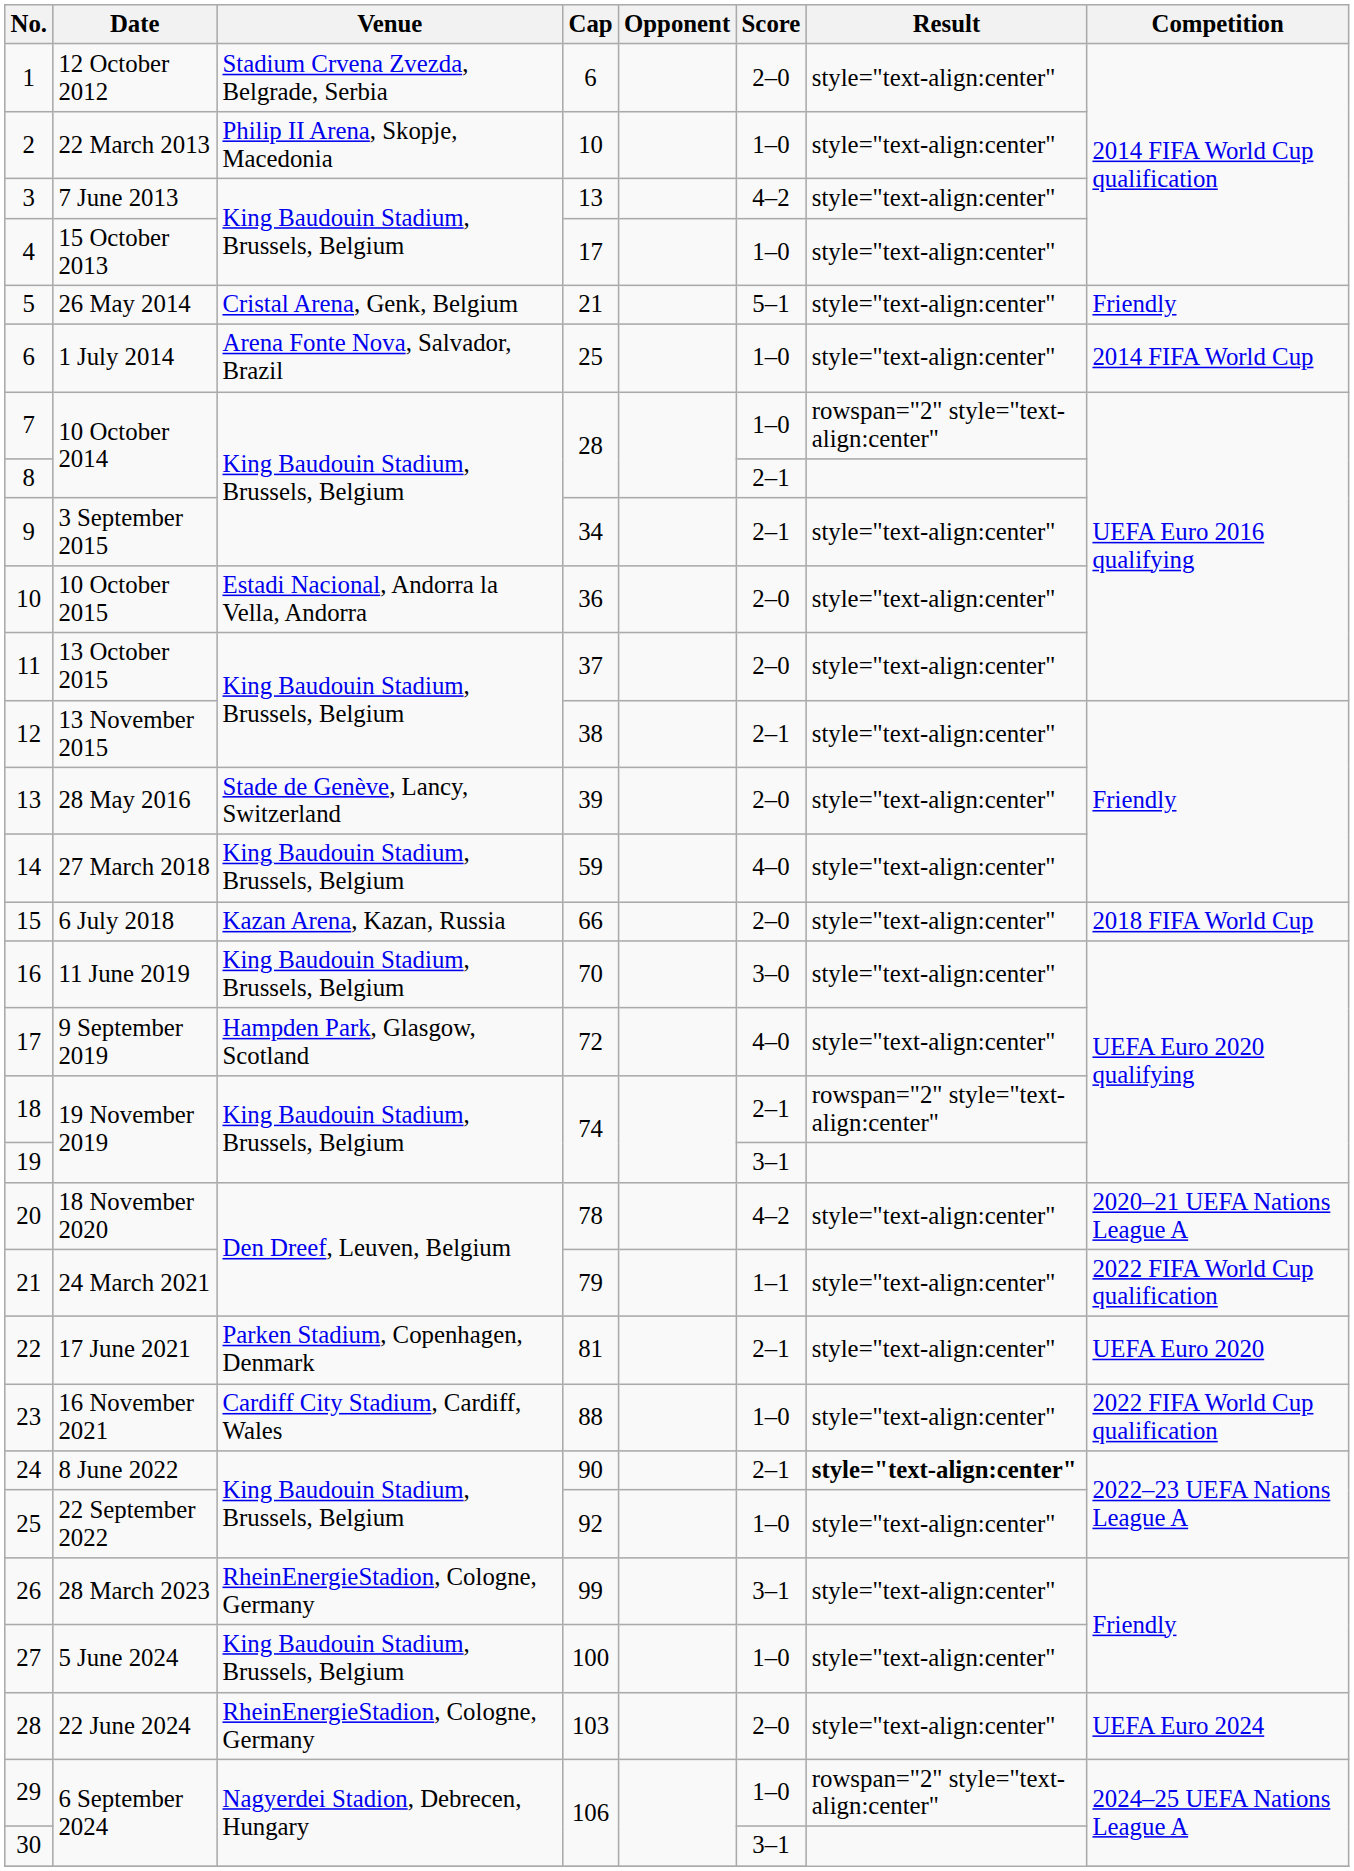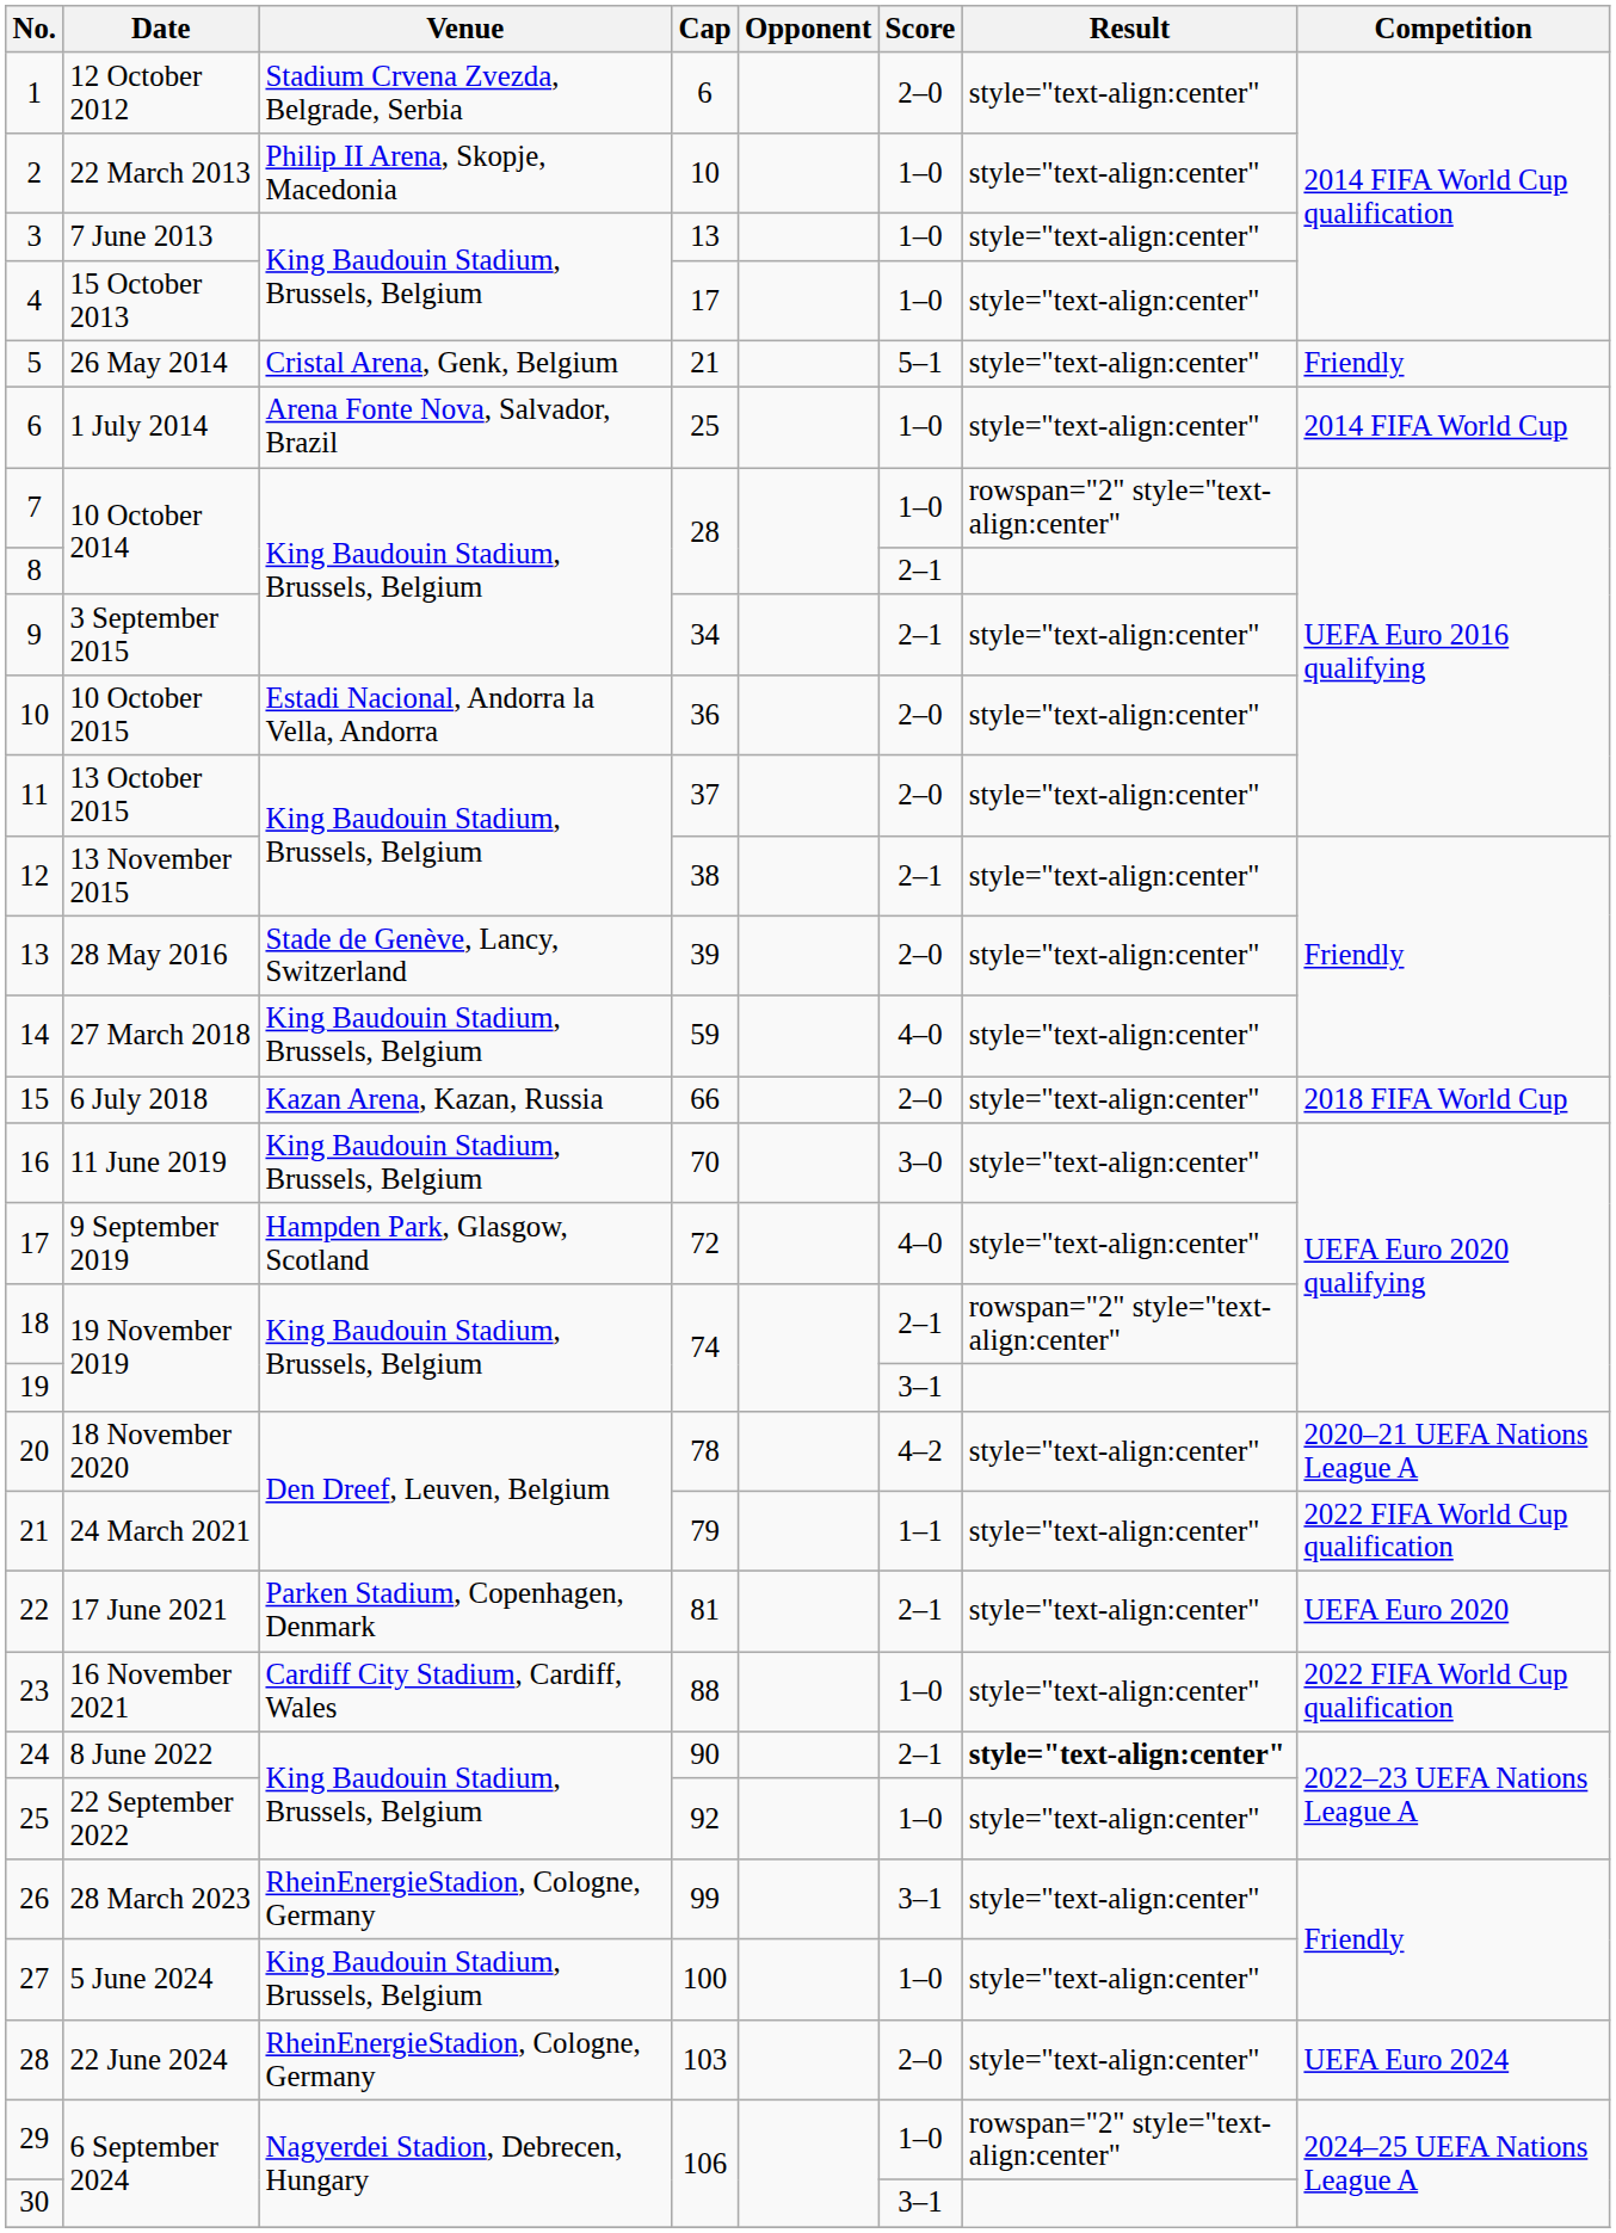 <table class="wikitable sortable">
 <tr>
 <th scope=col>No.</th>
 <th scope=col>Date</th>
 <th scope=col>Venue</th>
 <th scope=col>Cap</th>
 <th scope=col>Opponent</th>
 <th scope=col>Score</th>
 <th scope=col>Result</th>
 <th scope=col>Competition</th>
 </tr>
 <tr>
 <td align=center>1</td>
 <td>12 October 2012</td>
 <td><a href='#'>Stadium Crvena Zvezda</a>, Belgrade, Serbia</td>
 <td align=center>6</td>
 <td></td>
 <td align=center>2–0</td>
 <td>style="text-align:center" </td>
 <td rowspan=4><a href='#'>2014 FIFA World Cup qualification</a></td>
 </tr>
 <tr>
 <td align=center>2</td>
 <td>22 March 2013</td>
 <td><a href='#'>Philip II Arena</a>, Skopje, Macedonia</td>
 <td align=center>10</td>
 <td></td>
 <td align=center>1–0</td>
 <td>style="text-align:center" </td>
 </tr>
 <tr>
 <td align=center>3</td>
 <td>7 June 2013</td>
 <td rowspan=2><a href='#'>King Baudouin Stadium</a>, Brussels, Belgium</td>
 <td align=center>13</td>
 <td></td>
-<td align=center>4–2</td>
+<td align=center>1–0</td>
 <td>style="text-align:center" </td>
 </tr>
 <tr>
 <td align=center>4</td>
 <td>15 October 2013</td>
 <td align=center>17</td>
 <td></td>
 <td align=center>1–0</td>
 <td>style="text-align:center" </td>
 </tr>
 <tr>
 <td align=center>5</td>
 <td>26 May 2014</td>
 <td><a href='#'>Cristal Arena</a>, Genk, Belgium</td>
 <td align=center>21</td>
 <td></td>
 <td align=center>5–1</td>
 <td>style="text-align:center" </td>
 <td><a href='#'>Friendly</a></td>
 </tr>
 <tr>
 <td align=center>6</td>
 <td>1 July 2014</td>
 <td><a href='#'>Arena Fonte Nova</a>, Salvador, Brazil</td>
 <td align=center>25</td>
 <td></td>
 <td align=center>1–0</td>
 <td>style="text-align:center" </td>
 <td><a href='#'>2014 FIFA World Cup</a></td>
 </tr>
 <tr>
 <td align=center>7</td>
 <td rowspan=2>10 October 2014</td>
 <td rowspan=3><a href='#'>King Baudouin Stadium</a>, Brussels, Belgium</td>
 <td style="text-align:center;" rowspan="2">28</td>
 <td rowspan=2></td>
 <td align=center>1–0</td>
 <td>rowspan="2" style="text-align:center" </td>
 <td rowspan=5><a href='#'>UEFA Euro 2016 qualifying</a></td>
 </tr>
 <tr>
 <td align=center>8</td>
 <td align=center>2–1</td>
 </tr>
 <tr>
 <td align=center>9</td>
 <td>3 September 2015</td>
 <td align=center>34</td>
 <td></td>
 <td align=center>2–1</td>
 <td>style="text-align:center" </td>
 </tr>
 <tr>
 <td align=center>10</td>
 <td>10 October 2015</td>
 <td><a href='#'>Estadi Nacional</a>, Andorra la Vella, Andorra</td>
 <td align=center>36</td>
 <td></td>
 <td align=center>2–0</td>
 <td>style="text-align:center" </td>
 </tr>
 <tr>
 <td align=center>11</td>
 <td>13 October 2015</td>
 <td rowspan=2><a href='#'>King Baudouin Stadium</a>, Brussels, Belgium</td>
 <td align=center>37</td>
 <td></td>
 <td align=center>2–0</td>
 <td>style="text-align:center" </td>
 </tr>
 <tr>
 <td align=center>12</td>
 <td>13 November 2015</td>
 <td align=center>38</td>
 <td></td>
 <td align=center>2–1</td>
 <td>style="text-align:center" </td>
 <td rowspan=3><a href='#'>Friendly</a></td>
 </tr>
 <tr>
 <td align=center>13</td>
 <td>28 May 2016</td>
 <td><a href='#'>Stade de Genève</a>, Lancy, Switzerland</td>
 <td align=center>39</td>
 <td></td>
 <td align=center>2–0</td>
 <td>style="text-align:center" </td>
 </tr>
 <tr>
 <td align=center>14</td>
 <td>27 March 2018</td>
 <td><a href='#'>King Baudouin Stadium</a>, Brussels, Belgium</td>
 <td align=center>59</td>
 <td></td>
 <td align=center>4–0</td>
 <td>style="text-align:center" </td>
 </tr>
 <tr>
 <td align=center>15</td>
 <td>6 July 2018</td>
 <td><a href='#'>Kazan Arena</a>, Kazan, Russia</td>
 <td align=center>66</td>
 <td></td>
 <td align=center>2–0</td>
 <td>style="text-align:center" </td>
 <td><a href='#'>2018 FIFA World Cup</a></td>
 </tr>
 <tr>
 <td align=center>16</td>
 <td>11 June 2019</td>
 <td><a href='#'>King Baudouin Stadium</a>, Brussels, Belgium</td>
 <td align=center>70</td>
 <td></td>
 <td align=center>3–0</td>
 <td>style="text-align:center" </td>
 <td rowspan=4><a href='#'>UEFA Euro 2020 qualifying</a></td>
 </tr>
 <tr>
 <td align=center>17</td>
 <td>9 September 2019</td>
 <td><a href='#'>Hampden Park</a>, Glasgow, Scotland</td>
 <td align=center>72</td>
 <td></td>
 <td align=center>4–0</td>
 <td>style="text-align:center" </td>
 </tr>
 <tr>
 <td align=center>18</td>
 <td rowspan=2>19 November 2019</td>
 <td rowspan=2><a href='#'>King Baudouin Stadium</a>, Brussels, Belgium</td>
 <td style="text-align:center;" rowspan="2">74</td>
 <td rowspan=2></td>
 <td align=center>2–1</td>
 <td>rowspan="2" style="text-align:center" </td>
 </tr>
 <tr>
 <td align=center>19</td>
 <td align=center>3–1</td>
 </tr>
 <tr>
 <td align=center>20</td>
 <td>18 November 2020</td>
 <td rowspan=2><a href='#'>Den Dreef</a>, Leuven, Belgium</td>
 <td align=center>78</td>
 <td></td>
 <td align=center>4–2</td>
 <td>style="text-align:center" </td>
 <td><a href='#'>2020–21 UEFA Nations League A</a></td>
 </tr>
 <tr>
 <td align=center>21</td>
 <td>24 March 2021</td>
 <td align=center>79</td>
 <td></td>
 <td align=center>1–1</td>
 <td>style="text-align:center" </td>
 <td><a href='#'>2022 FIFA World Cup qualification</a></td>
 </tr>
 <tr>
 <td align=center>22</td>
 <td>17 June 2021</td>
 <td><a href='#'>Parken Stadium</a>, Copenhagen, Denmark</td>
 <td align=center>81</td>
 <td></td>
 <td align=center>2–1</td>
 <td>style="text-align:center" </td>
 <td><a href='#'>UEFA Euro 2020</a></td>
 </tr>
 <tr>
 <td align=center>23</td>
 <td>16 November 2021</td>
 <td><a href='#'>Cardiff City Stadium</a>, Cardiff, Wales</td>
 <td align=center>88</td>
 <td></td>
 <td align=center>1–0</td>
 <td>style="text-align:center" </td>
 <td><a href='#'>2022 FIFA World Cup qualification</a></td>
 </tr>
 <tr>
 <td align=center>24</td>
 <td>8 June 2022</td>
 <td rowspan=2><a href='#'>King Baudouin Stadium</a>, Brussels, Belgium</td>
 <td align=center>90</td>
 <td></td>
 <td align=center>2–1</td>
 <td><strong>style="text-align:center" </strong></td>
 <td rowspan=2><a href='#'>2022–23 UEFA Nations League A</a></td>
 </tr>
 <tr>
 <td align=center>25</td>
 <td>22 September 2022</td>
 <td align=center>92</td>
 <td></td>
 <td align=center>1–0</td>
 <td>style="text-align:center" </td>
 </tr>
 <tr>
 <td align=center>26</td>
 <td>28 March 2023</td>
 <td><a href='#'>RheinEnergieStadion</a>, Cologne, Germany</td>
 <td align=center>99</td>
 <td></td>
 <td align=center>3–1</td>
 <td>style="text-align:center" </td>
 <td rowspan=2><a href='#'>Friendly</a></td>
 </tr>
 <tr>
 <td align=center>27</td>
 <td>5 June 2024</td>
 <td><a href='#'>King Baudouin Stadium</a>, Brussels, Belgium</td>
 <td align=center>100</td>
 <td></td>
 <td align=center>1–0</td>
 <td>style="text-align:center" </td>
 </tr>
 <tr>
 <td align=center>28</td>
 <td>22 June 2024</td>
 <td><a href='#'>RheinEnergieStadion</a>, Cologne, Germany</td>
 <td align=center>103</td>
 <td></td>
 <td align=center>2–0</td>
 <td>style="text-align:center" </td>
 <td><a href='#'>UEFA Euro 2024</a></td>
 </tr>
 <tr>
 <td align=center>29</td>
 <td rowspan=2>6 September 2024</td>
 <td rowspan=2><a href='#'>Nagyerdei Stadion</a>, Debrecen, Hungary</td>
 <td style="text-align:center;" rowspan="2">106</td>
 <td rowspan=2></td>
 <td align=center>1–0</td>
 <td>rowspan="2" style="text-align:center" </td>
 <td rowspan=2><a href='#'>2024–25 UEFA Nations League A</a></td>
 </tr>
 <tr>
 <td align=center>30</td>
 <td align=center>3–1</td>
 </tr>
 <tr>
 </tr>
 </table>
